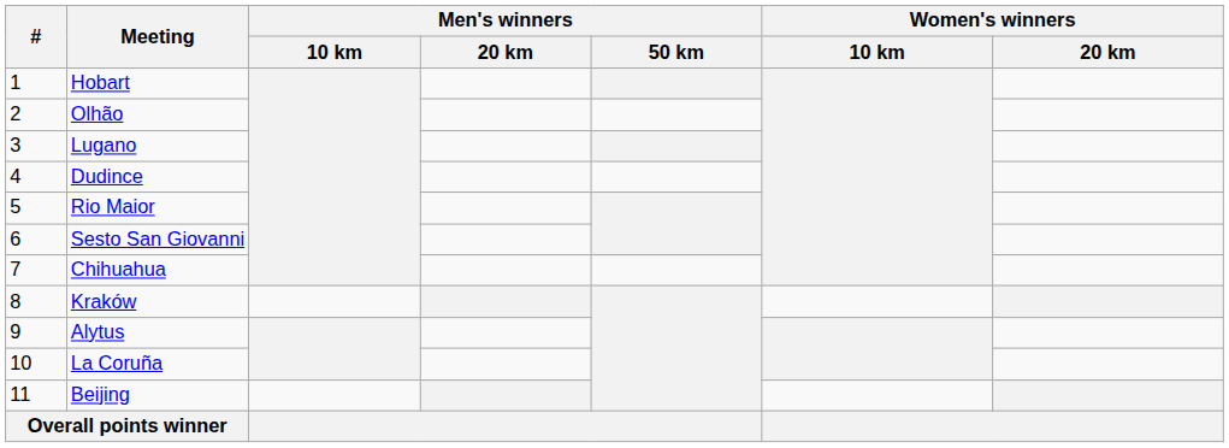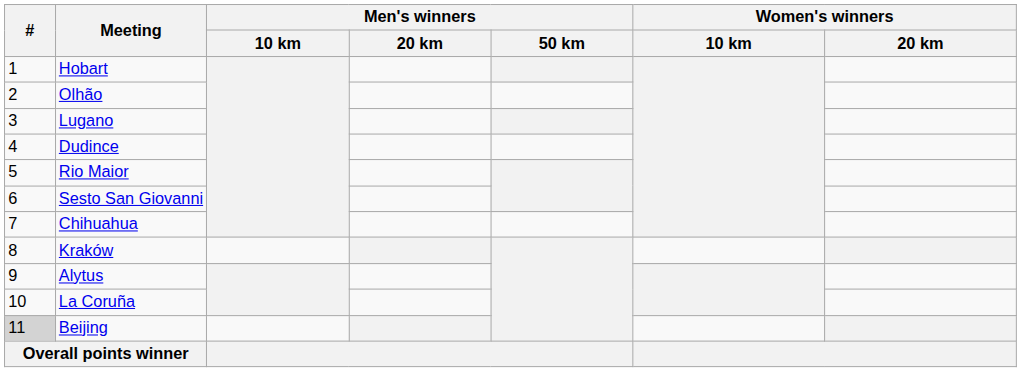 <table class="wikitable" style="text-align:center;">
 <tr align="center">
 <th rowspan=2 width=5%>#</th>
 <th rowspan=2 width=15%><strong>Meeting</strong></th>
 <th colspan=3>Men's winners</th>
 <th colspan=2>Women's winners</th>
 </tr>
 <tr>
 <th>10 km</th>
 <th>20 km</th>
 <th>50 km</th>
 <th>10 km</th>
 <th>20 km</th>
 </tr>
 <tr align=left>
 <td>1</td>
 <td align=left><a href='#'>Hobart</a></td>
 <th rowspan=7></th>
 <td></td>
 <th></th>
 <th rowspan=7></th>
 <td></td>
 </tr>
 <tr align=left>
 <td>2</td>
 <td align=left><a href='#'>Olhão</a></td>
 <td></td>
 <td></td>
 <td></td>
 </tr>
 <tr align=left>
 <td>3</td>
 <td align=left><a href='#'>Lugano</a></td>
 <td></td>
 <th></th>
 <td></td>
 </tr>
 <tr align=left>
 <td>4</td>
 <td align=left><a href='#'>Dudince</a></td>
 <td></td>
 <td></td>
 <td></td>
 </tr>
 <tr align=left>
 <td>5</td>
 <td align=left><a href='#'>Rio Maior</a></td>
 <td></td>
 <th rowspan=2></th>
 <td></td>
 </tr>
 <tr align=left>
 <td>6</td>
 <td align=left><a href='#'>Sesto San Giovanni</a></td>
 <td></td>
 <td></td>
 </tr>
 <tr align=left>
 <td>7</td>
 <td align=left><a href='#'>Chihuahua</a></td>
 <td></td>
 <td></td>
 <td></td>
 </tr>
 <tr align=left>
 <td>8</td>
 <td align=left><a href='#'>Kraków</a></td>
 <td></td>
 <th></th>
 <th rowspan=4></th>
 <td></td>
 <th></th>
 </tr>
 <tr align=left>
 <td>9</td>
 <td align=left><a href='#'>Alytus</a></td>
 <th rowspan=2></th>
 <td></td>
 <th rowspan=2></th>
 <td></td>
 </tr>
 <tr align=left>
 <td>10</td>
 <td align=left><a href='#'>La Coruña</a></td>
 <td></td>
 <td></td>
 </tr>
 <tr align=left>
-<td>11</td>
+<td style="background: lightgrey;">11</td>
 <td align=left><a href='#'>Beijing</a></td>
 <td></td>
 <th></th>
 <td></td>
 <th></th>
 </tr>
 <tr>
 <th colspan=2>Overall points winner</th>
 <th colspan=3></th>
 <th colspan=2></th>
 </tr>
 </table>
